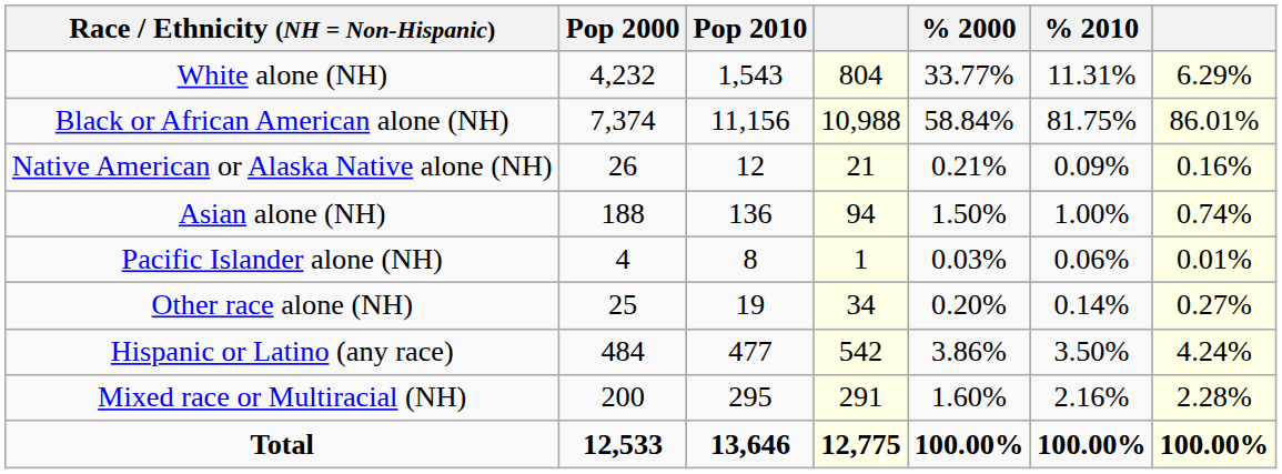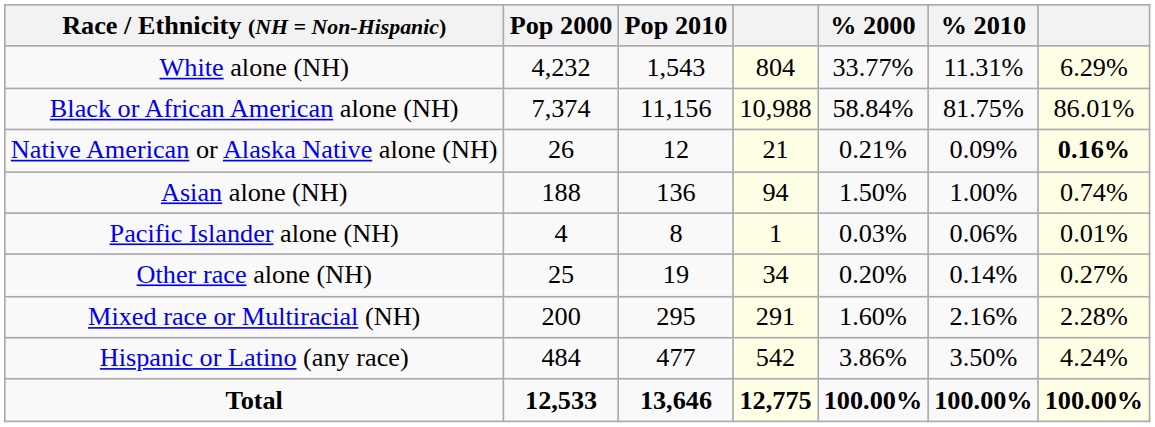 <table class="wikitable" style="text-align:center;">
 <tr>
 <th>Race / Ethnicity <small>(<em>NH = Non-Hispanic</em>)</small></th>
 <th>Pop 2000</th>
 <th>Pop 2010</th>
 <th></th>
 <th>% 2000</th>
 <th>% 2010</th>
 <th></th>
 </tr>
 <tr>
 <td><a href='#'>White</a> alone (NH)</td>
 <td>4,232</td>
 <td>1,543</td>
 <td style='background: #ffffe6;'>804</td>
 <td>33.77%</td>
 <td>11.31%</td>
 <td style='background: #ffffe6;'>6.29%</td>
 </tr>
 <tr>
 <td><a href='#'>Black or African American</a> alone (NH)</td>
 <td>7,374</td>
 <td>11,156</td>
 <td style='background: #ffffe6;'>10,988</td>
 <td>58.84%</td>
 <td>81.75%</td>
 <td style='background: #ffffe6;'>86.01%</td>
 </tr>
 <tr>
 <td><a href='#'>Native American</a> or <a href='#'>Alaska Native</a> alone (NH)</td>
 <td>26</td>
 <td>12</td>
 <td style='background: #ffffe6;'>21</td>
 <td>0.21%</td>
 <td>0.09%</td>
-<td style='background: #ffffe6;'>0.16%</td>
+<td style='background: #ffffe6;'><strong>0.16%</strong></td>
 </tr>
 <tr>
 <td><a href='#'>Asian</a> alone (NH)</td>
 <td>188</td>
 <td>136</td>
 <td style='background: #ffffe6;'>94</td>
 <td>1.50%</td>
 <td>1.00%</td>
 <td style='background: #ffffe6;'>0.74%</td>
 </tr>
 <tr>
 <td><a href='#'>Pacific Islander</a> alone (NH)</td>
 <td>4</td>
 <td>8</td>
 <td style='background: #ffffe6;'>1</td>
 <td>0.03%</td>
 <td>0.06%</td>
 <td style='background: #ffffe6;'>0.01%</td>
 </tr>
 <tr>
 <td><a href='#'>Other race</a> alone (NH)</td>
 <td>25</td>
 <td>19</td>
 <td style='background: #ffffe6;'>34</td>
 <td>0.20%</td>
 <td>0.14%</td>
 <td style='background: #ffffe6;'>0.27%</td>
 </tr>
 <tr>
+<td><a href='#'>Mixed race or Multiracial</a> (NH)</td>
+<td>200</td>
+<td>295</td>
+<td style='background: #ffffe6;'>291</td>
+<td>1.60%</td>
+<td>2.16%</td>
+<td style='background: #ffffe6;'>2.28%</td>
+</tr>
+<tr>
 <td><a href='#'>Hispanic or Latino</a> (any race)</td>
 <td>484</td>
 <td>477</td>
 <td style='background: #ffffe6;'>542</td>
 <td>3.86%</td>
 <td>3.50%</td>
 <td style='background: #ffffe6;'>4.24%</td>
-</tr>
-<tr>
-<td><a href='#'>Mixed race or Multiracial</a> (NH)</td>
-<td>200</td>
-<td>295</td>
-<td style='background: #ffffe6;'>291</td>
-<td>1.60%</td>
-<td>2.16%</td>
-<td style='background: #ffffe6;'>2.28%</td>
 </tr>
 <tr>
 <td><strong>Total</strong></td>
 <td><strong>12,533</strong></td>
 <td><strong>13,646</strong></td>
 <td style='background: #ffffe6;'><strong>12,775</strong></td>
 <td><strong>100.00%</strong></td>
 <td><strong>100.00%</strong></td>
 <td style='background: #ffffe6;'><strong>100.00%</strong></td>
 </tr>
 </table>
